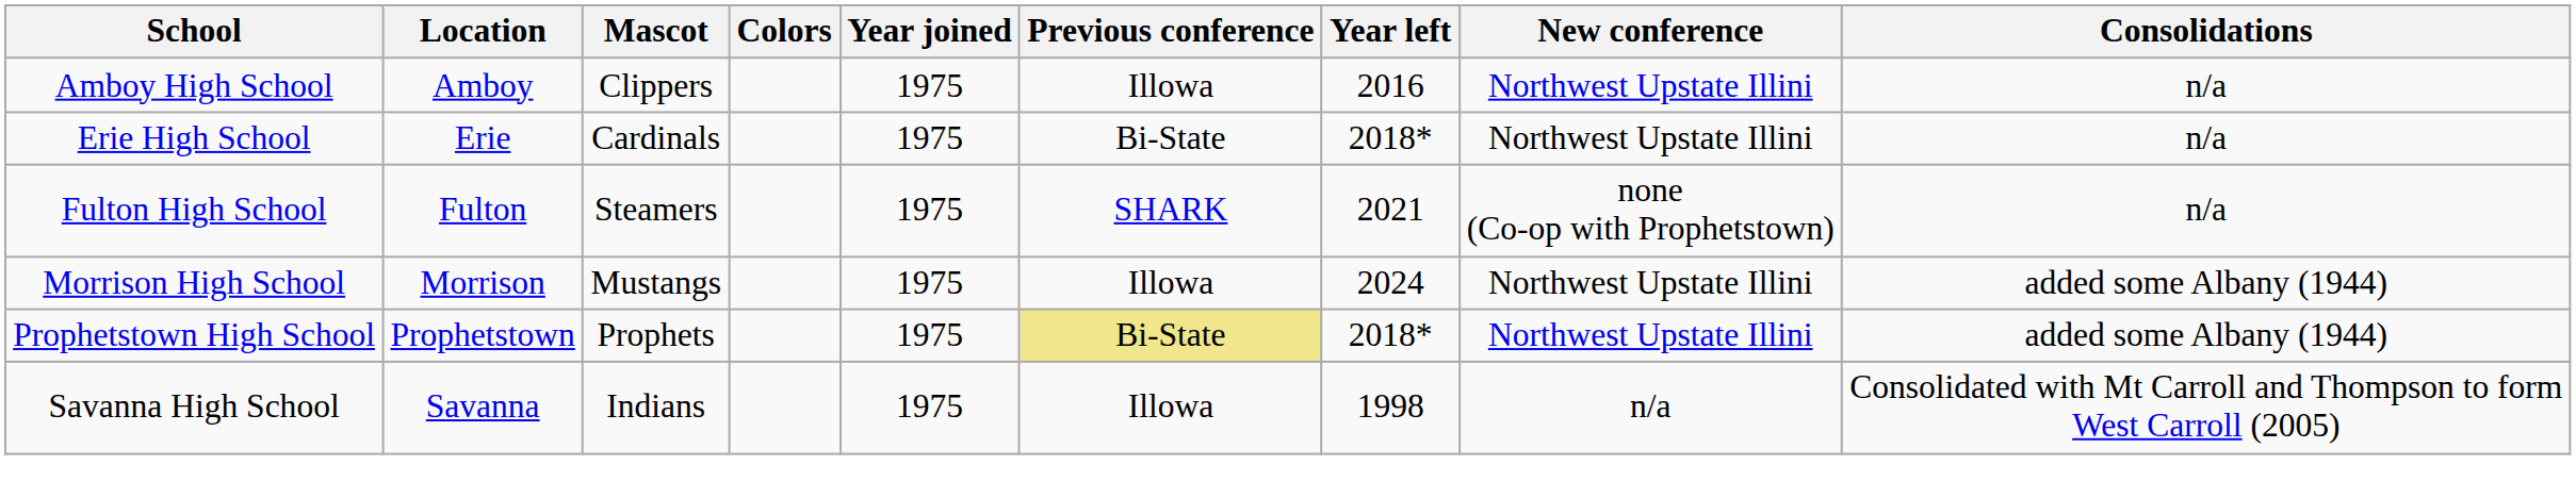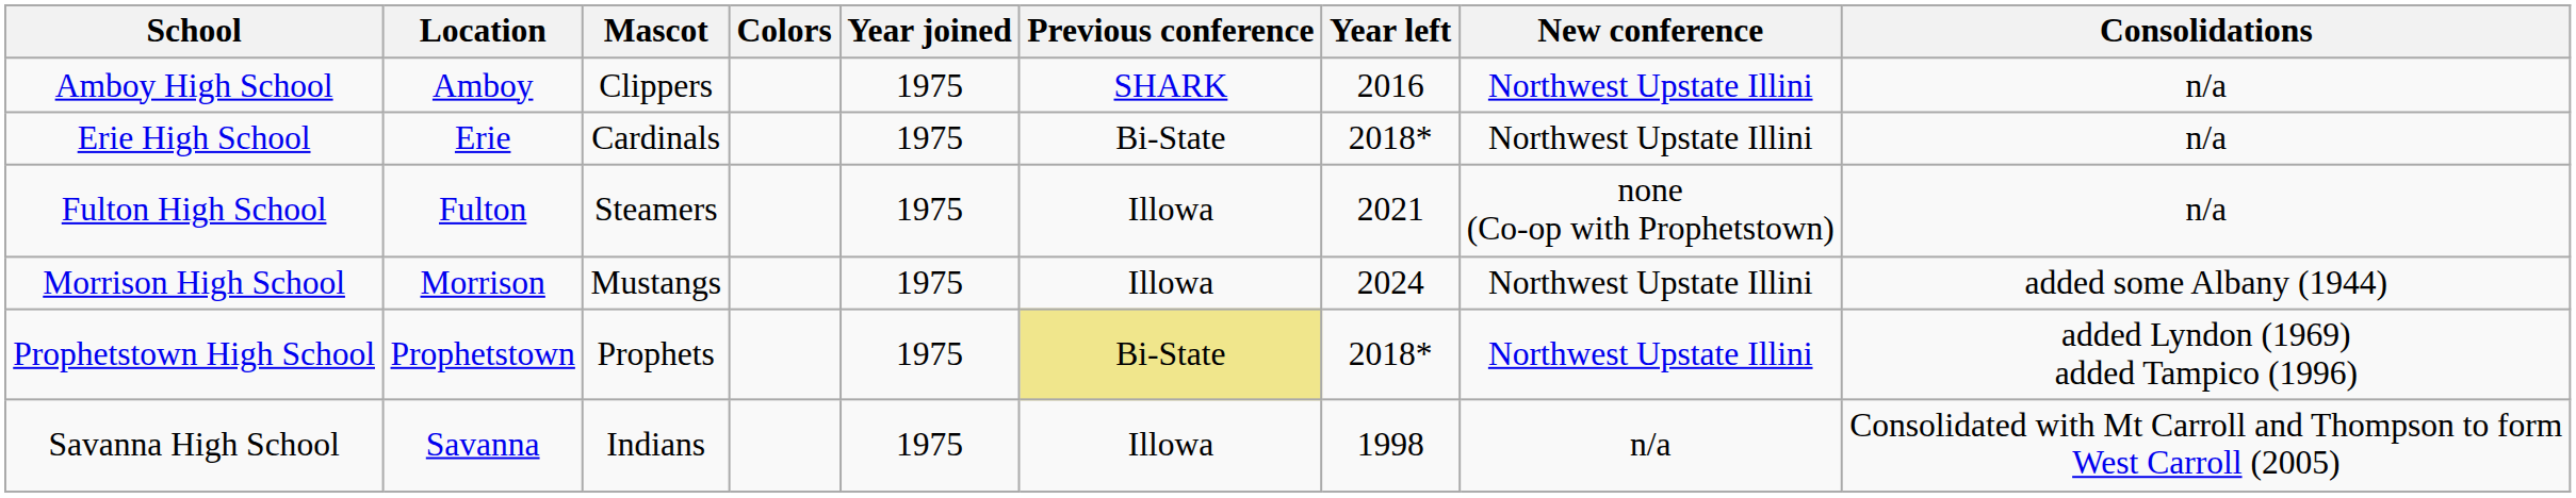 <table class="wikitable" style="text-align:center;">
 <tr>
 <th>School</th>
 <th>Location</th>
 <th>Mascot</th>
 <th>Colors</th>
 <th>Year joined</th>
 <th>Previous conference</th>
 <th>Year left</th>
 <th>New conference</th>
 <th>Consolidations</th>
 </tr>
 <tr>
 <td><a href='#'>Amboy High School</a></td>
 <td><a href='#'>Amboy</a></td>
 <td>Clippers</td>
 <td>  </td>
 <td>1975</td>
-<td>Illowa</td>
+<td><a href='#'>SHARK</a></td>
 <td>2016</td>
 <td><a href='#'>Northwest Upstate Illini</a></td>
 <td>n/a</td>
 </tr>
 <tr>
 <td><a href='#'>Erie High School</a></td>
 <td><a href='#'>Erie</a></td>
 <td>Cardinals</td>
 <td>  </td>
 <td>1975</td>
 <td>Bi-State</td>
 <td>2018*</td>
 <td>Northwest Upstate Illini</td>
 <td>n/a</td>
 </tr>
 <tr>
 <td><a href='#'>Fulton High School</a></td>
 <td><a href='#'>Fulton</a></td>
 <td>Steamers</td>
 <td> </td>
 <td>1975</td>
-<td><a href='#'>SHARK</a></td>
+<td>Illowa</td>
 <td>2021</td>
 <td>none<br>(Co-op with Prophetstown)</td>
 <td>n/a</td>
 </tr>
 <tr>
 <td><a href='#'>Morrison High School</a></td>
 <td><a href='#'>Morrison</a></td>
 <td>Mustangs</td>
 <td> </td>
 <td>1975</td>
 <td>Illowa</td>
 <td>2024</td>
 <td>Northwest Upstate Illini</td>
 <td>added some Albany (1944)</td>
 </tr>
 <tr>
 <td><a href='#'>Prophetstown High School</a></td>
 <td><a href='#'>Prophetstown</a></td>
 <td>Prophets</td>
 <td> </td>
 <td>1975</td>
 <td style="background: khaki;">Bi-State</td>
 <td>2018*</td>
 <td><a href='#'>Northwest Upstate Illini</a></td>
-<td>added some Albany (1944)</td>
+<td>added Lyndon (1969)<br>added Tampico (1996)</td>
 </tr>
 <tr>
 <td>Savanna High School</td>
 <td><a href='#'>Savanna</a></td>
 <td>Indians</td>
 <td>  </td>
 <td>1975</td>
 <td>Illowa</td>
 <td>1998</td>
 <td>n/a</td>
 <td>Consolidated with Mt Carroll and Thompson to form<br><a href='#'>West Carroll</a> (2005)</td>
 </tr>
 </table>
